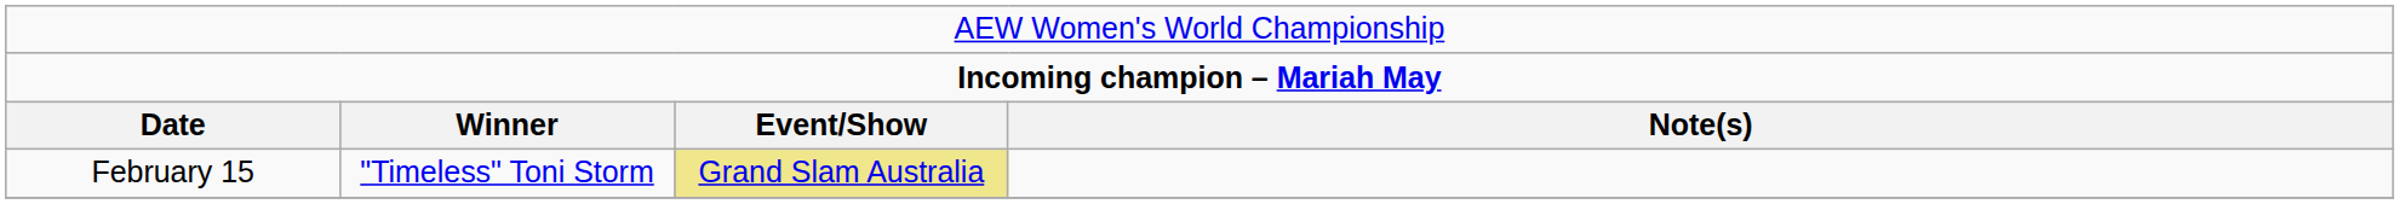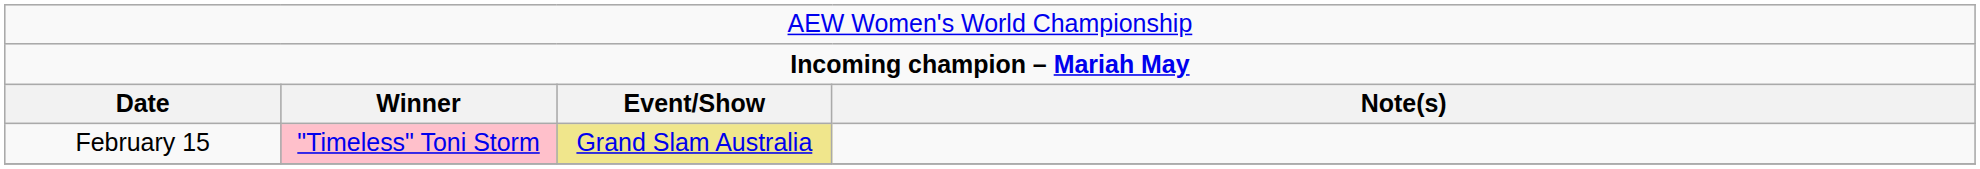 <table class="wikitable" style="text-align:center; width:100%;">
 <tr>
 <td colspan="4" style="text-align: center;"><a href='#'>AEW Women's World Championship</a></td>
 </tr>
 <tr>
 <td colspan="4" style="text-align: center;"><strong>Incoming champion – <a href='#'>Mariah May</a></strong></td>
 </tr>
 <tr>
 <th width="14%">Date</th>
 <th width="14%">Winner</th>
 <th width="14%">Event/Show</th>
 <th width="58%">Note(s)</th>
 </tr>
 <tr>
 <td>February 15</td>
-<td><a href='#'>"Timeless" Toni Storm</a></td>
+<td style="background: pink;"><a href='#'>"Timeless" Toni Storm</a></td>
 <td style="background: khaki;"><a href='#'>Grand Slam Australia</a></td>
 <td></td>
 </tr>
 <tr>
 </tr>
 </table>
